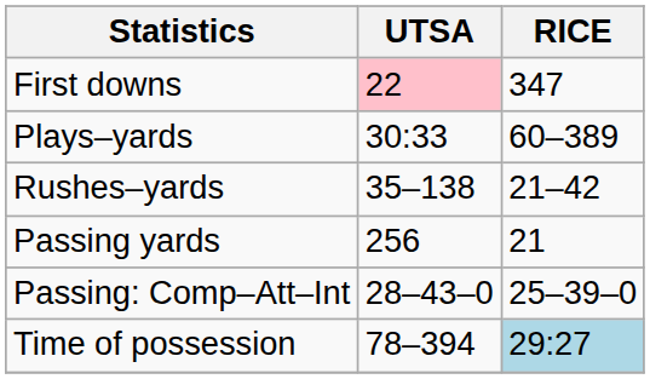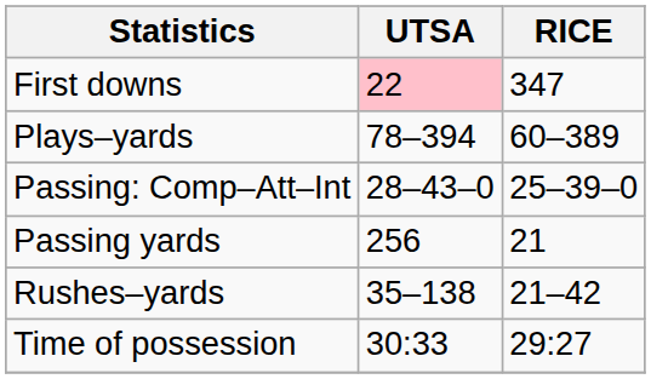 <table class="wikitable" style="float: left;">
 <tr>
 <th>Statistics</th>
 <th>UTSA</th>
 <th>RICE</th>
 </tr>
 <tr>
 <td>First downs</td>
 <td style="background: pink;">22</td>
 <td>347</td>
 </tr>
 <tr>
 <td>Plays–yards</td>
-<td>30:33</td>
+<td>78–394</td>
 <td>60–389</td>
+</tr>
+<tr>
+<td>Passing: Comp–Att–Int</td>
+<td>28–43–0</td>
+<td>25–39–0</td>
+</tr>
+<tr>
+<td>Passing yards</td>
+<td>256</td>
+<td>21</td>
 </tr>
 <tr>
 <td>Rushes–yards</td>
 <td>35–138</td>
 <td>21–42</td>
 </tr>
 <tr>
-<td>Passing yards</td>
-<td>256</td>
-<td>21</td>
-</tr>
-<tr>
-<td>Passing: Comp–Att–Int</td>
-<td>28–43–0</td>
-<td>25–39–0</td>
-</tr>
-<tr>
 <td>Time of possession</td>
-<td>78–394</td>
-<td style="background: lightblue;">29:27</td>
+<td>30:33</td>
+<td>29:27</td>
 </tr>
 <tr>
 </tr>
 </table>
